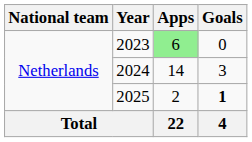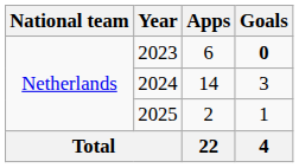 <table class="wikitable" style="text-align: center;">
 <tr>
 <th>National team</th>
 <th>Year</th>
 <th>Apps</th>
 <th>Goals</th>
 </tr>
 <tr>
 <td rowspan="3"><a href='#'>Netherlands</a></td>
 <td>2023</td>
-<td style="background: lightgreen;">6</td>
-<td>0</td>
+<td>6</td>
+<td><strong>0</strong></td>
 </tr>
 <tr>
 <td>2024</td>
 <td>14</td>
 <td>3</td>
 </tr>
 <tr>
 <td>2025</td>
 <td>2</td>
-<td><strong>1</strong></td>
+<td>1</td>
 </tr>
 <tr>
 <th colspan="2">Total</th>
 <th>22</th>
 <th>4</th>
 </tr>
 </table>
